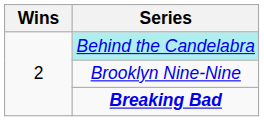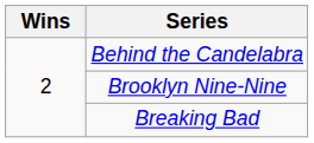 <table class="wikitable" style="text-align: center">
 <tr>
 <th scope="col" width="55">Wins</th>
 <th scope="col" align="center">Series</th>
 </tr>
 <tr>
 <td rowspan="3" style="text-align:center">2</td>
-<td style="background: paleturquoise;"><em><a href='#'>Behind the Candelabra</a></em></td>
+<td><em><a href='#'>Behind the Candelabra</a></em></td>
 </tr>
 <tr>
 <td><em><a href='#'>Brooklyn Nine-Nine</a></em></td>
 </tr>
 <tr>
-<td><strong><em><a href='#'>Breaking Bad</a></em></strong></td>
+<td><em><a href='#'>Breaking Bad</a></em></td>
 </tr>
 </table>
